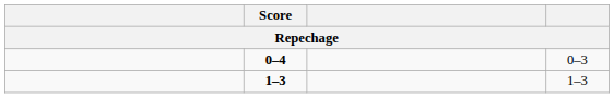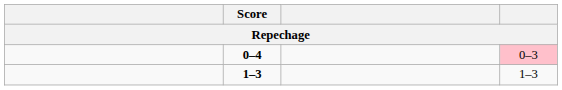 <table class="wikitable" style="text-align: left; ">
 <tr>
 <th align="right" width="270"></th>
 <th width="65">Score</th>
 <th align="left" width="270"></th>
 <th width="65"></th>
 </tr>
 <tr>
 <th colspan=4>Repechage</th>
 </tr>
 <tr>
 <td></td>
 <td align="center"><strong>0–4</strong></td>
 <td><strong></strong></td>
-<td align=center>0–3 <strong></strong></td>
+<td align=center style="background: pink;">0–3 <strong></strong></td>
 </tr>
 <tr>
 <td></td>
 <td align="center"><strong>1–3</strong></td>
 <td><strong></strong></td>
 <td align=center>1–3 <strong></strong></td>
 </tr>
 </table>
